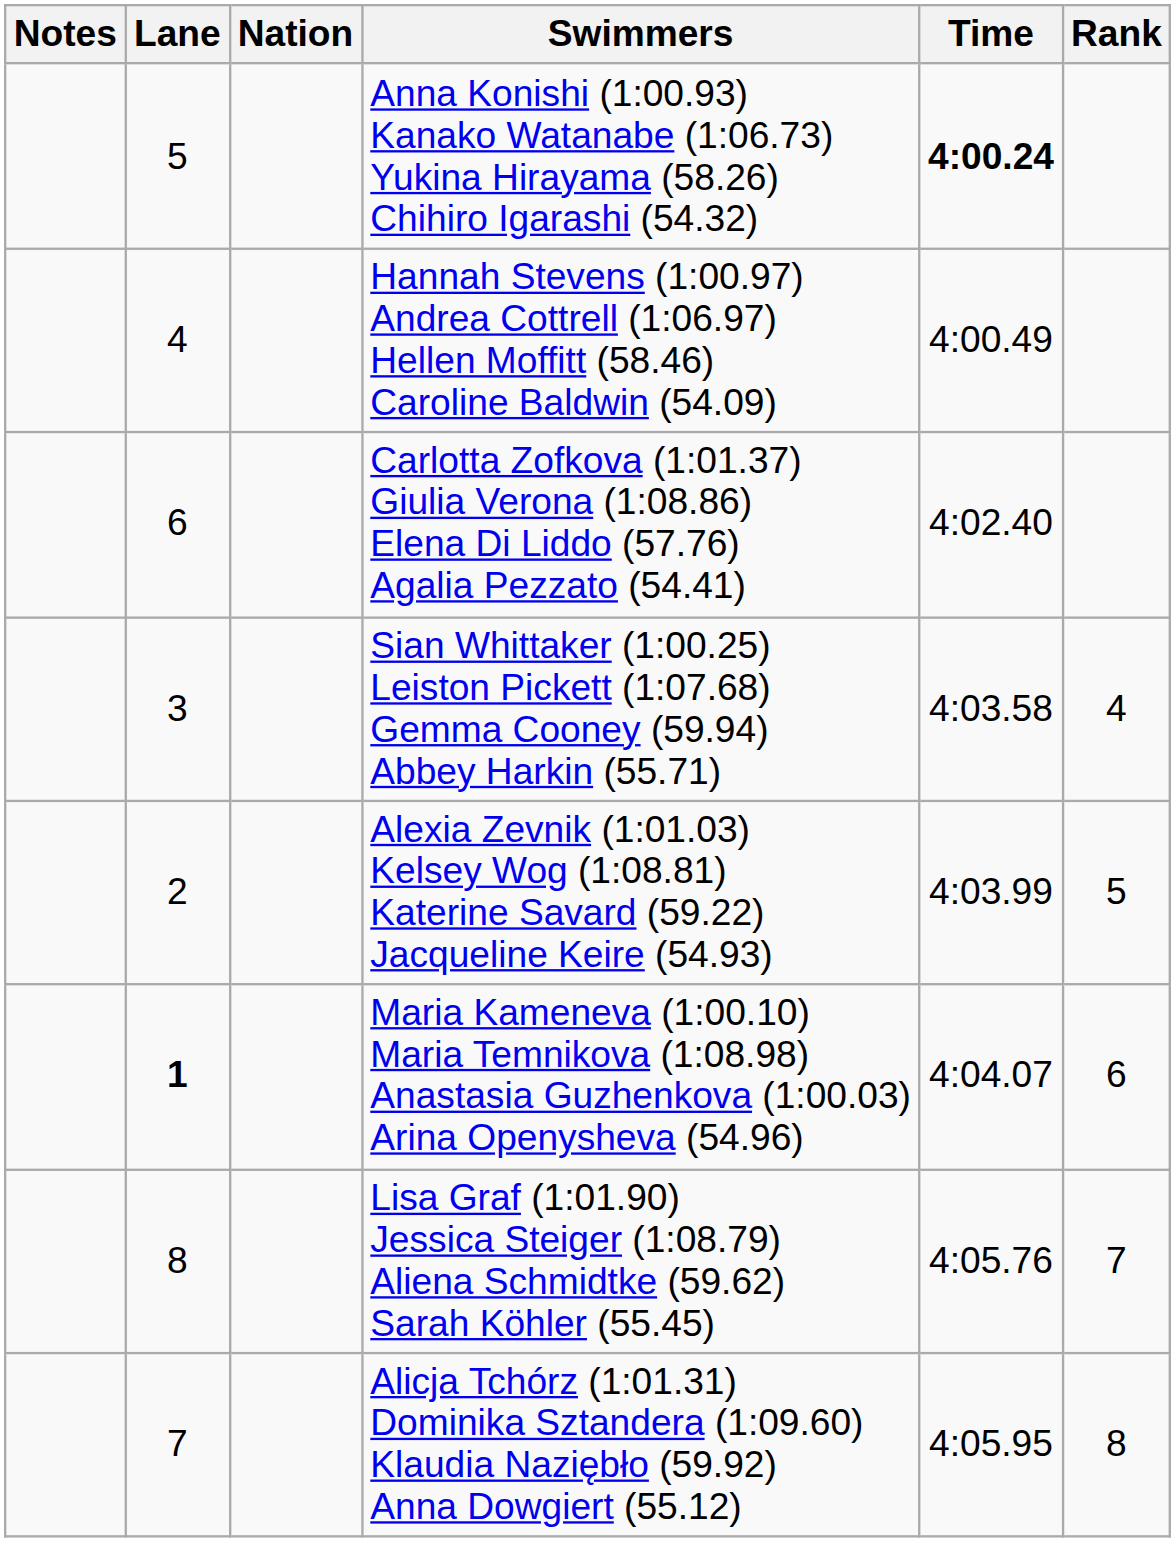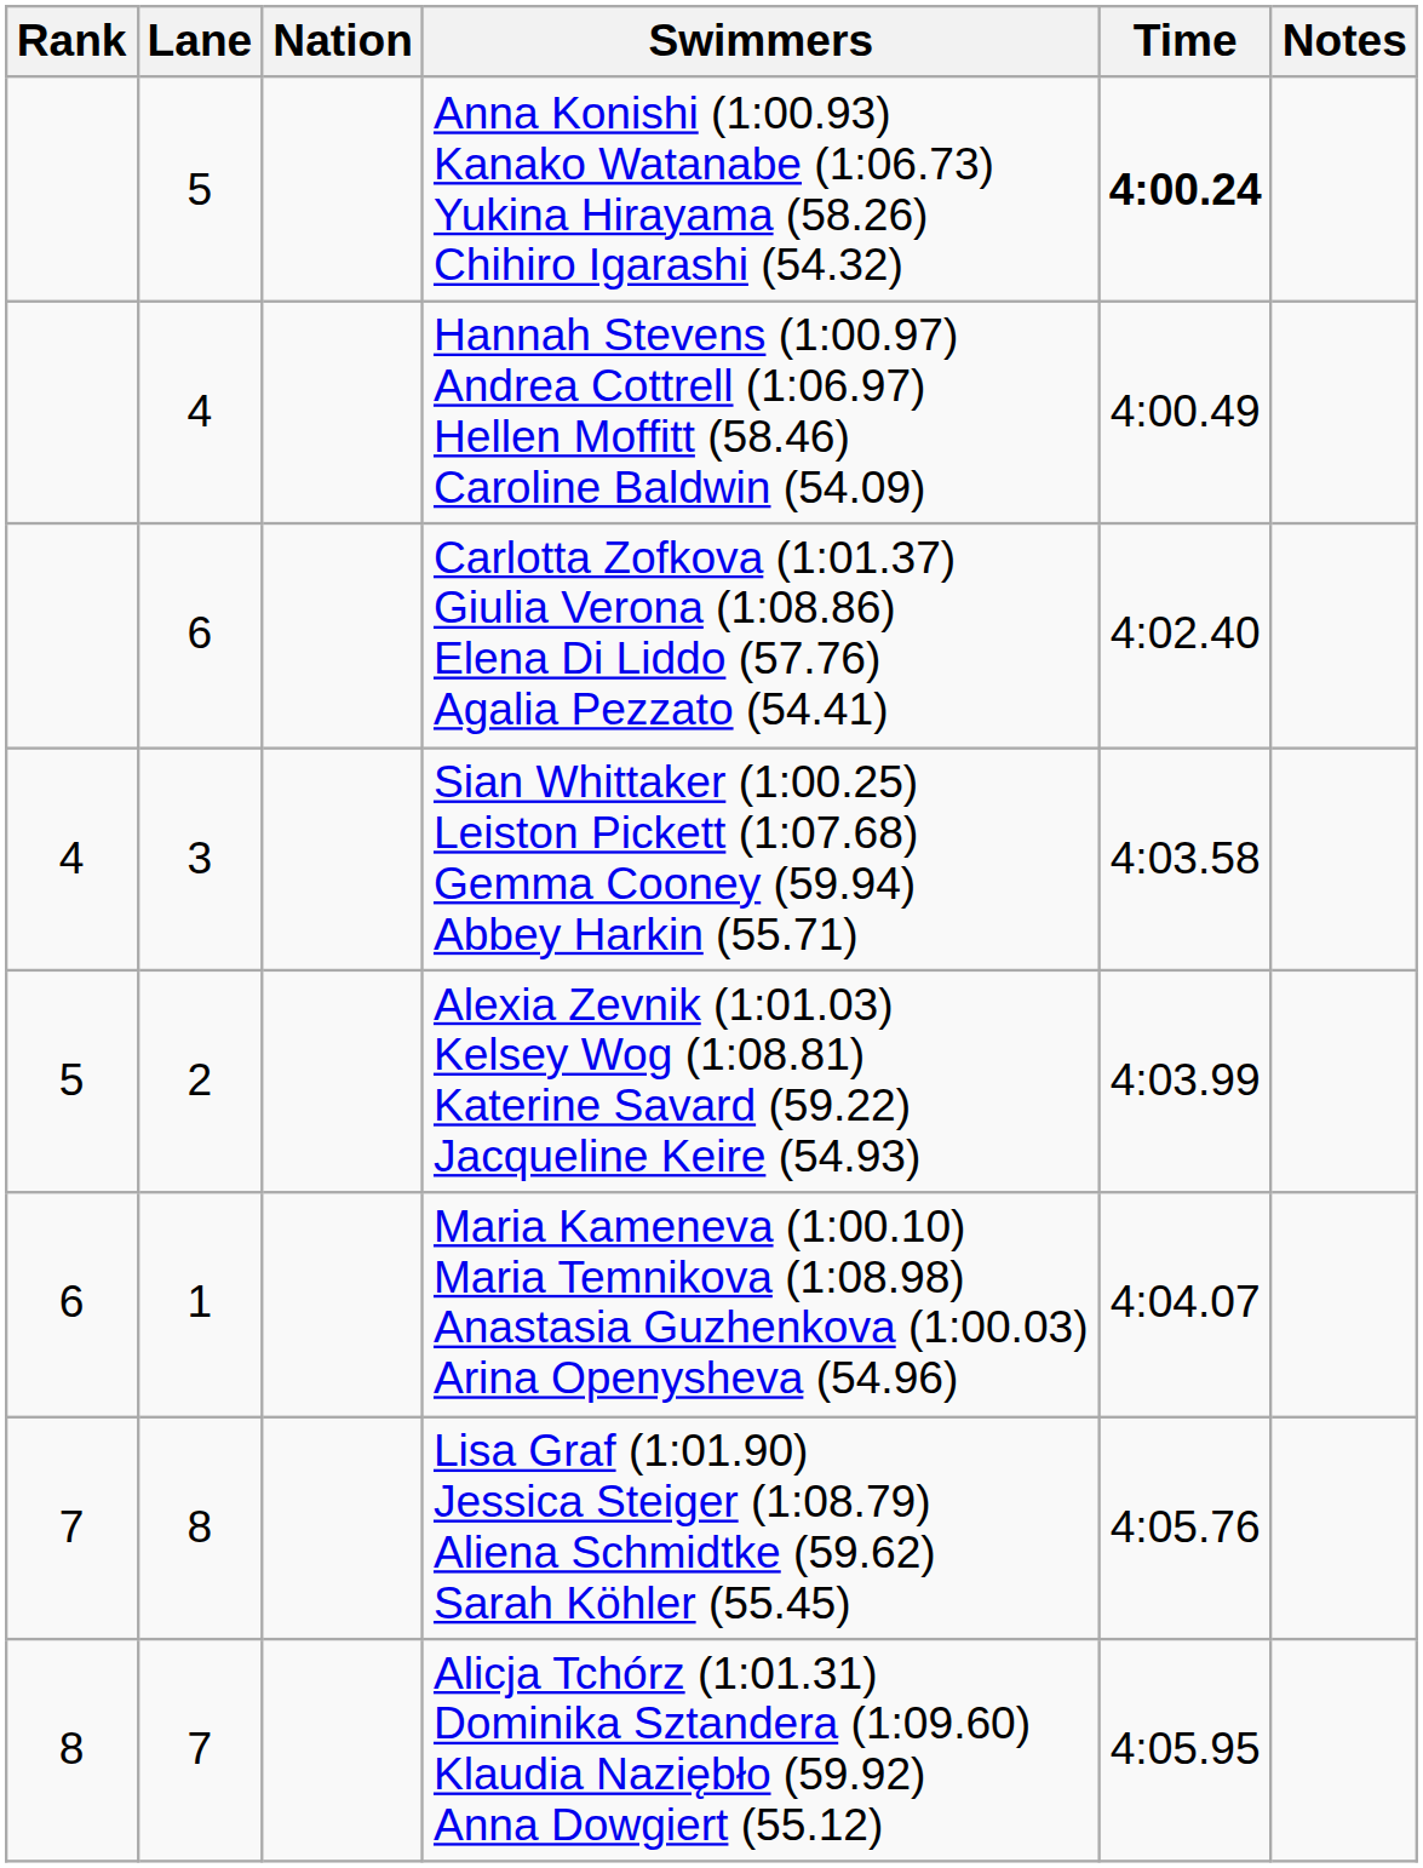 <table class="wikitable sortable" style="text-align:center">
 <tr>
-<th>Notes</th>
+<th>Rank</th>
 <th>Lane</th>
 <th>Nation</th>
 <th>Swimmers</th>
 <th>Time</th>
-<th>Rank</th>
+<th>Notes</th>
 </tr>
 <tr>
 <td></td>
 <td>5</td>
 <td align="left"></td>
 <td align="left"><a href='#'>Anna Konishi</a> (1:00.93)<br><a href='#'>Kanako Watanabe</a> (1:06.73)<br><a href='#'>Yukina Hirayama</a> (58.26)<br><a href='#'>Chihiro Igarashi</a> (54.32)</td>
 <td><strong>4:00.24</strong></td>
 <td></td>
 </tr>
 <tr>
 <td></td>
 <td>4</td>
 <td align="left"></td>
 <td align="left"><a href='#'>Hannah Stevens</a> (1:00.97)<br><a href='#'>Andrea Cottrell</a> (1:06.97)<br><a href='#'>Hellen Moffitt</a> (58.46)<br><a href='#'>Caroline Baldwin</a> (54.09)</td>
 <td>4:00.49</td>
 <td></td>
 </tr>
 <tr>
 <td></td>
 <td>6</td>
 <td align="left"></td>
 <td align="left"><a href='#'>Carlotta Zofkova</a> (1:01.37)<br><a href='#'>Giulia Verona</a> (1:08.86)<br><a href='#'>Elena Di Liddo</a> (57.76)<br><a href='#'>Agalia Pezzato</a> (54.41)</td>
 <td>4:02.40</td>
 <td></td>
 </tr>
 <tr>
-<td></td>
+<td>4</td>
 <td>3</td>
 <td align="left"></td>
 <td align="left"><a href='#'>Sian Whittaker</a> (1:00.25)<br><a href='#'>Leiston Pickett</a> (1:07.68)<br><a href='#'>Gemma Cooney</a> (59.94)<br><a href='#'>Abbey Harkin</a> (55.71)</td>
 <td>4:03.58</td>
-<td>4</td>
+<td></td>
 </tr>
 <tr>
-<td></td>
+<td>5</td>
 <td>2</td>
 <td align="left"></td>
 <td align="left"><a href='#'>Alexia Zevnik</a> (1:01.03)<br><a href='#'>Kelsey Wog</a> (1:08.81)<br><a href='#'>Katerine Savard</a> (59.22)<br><a href='#'>Jacqueline Keire</a> (54.93)</td>
 <td>4:03.99</td>
-<td>5</td>
+<td></td>
 </tr>
 <tr>
-<td></td>
-<td><strong>1</strong></td>
+<td>6</td>
+<td>1</td>
 <td align="left"></td>
 <td align="left"><a href='#'>Maria Kameneva</a> (1:00.10)<br><a href='#'>Maria Temnikova</a> (1:08.98)<br><a href='#'>Anastasia Guzhenkova</a> (1:00.03)<br><a href='#'>Arina Openysheva</a> (54.96)</td>
 <td>4:04.07</td>
-<td>6</td>
+<td></td>
 </tr>
 <tr>
-<td></td>
+<td>7</td>
 <td>8</td>
 <td align="left"></td>
 <td align="left"><a href='#'>Lisa Graf</a> (1:01.90)<br><a href='#'>Jessica Steiger</a> (1:08.79)<br><a href='#'>Aliena Schmidtke</a> (59.62)<br><a href='#'>Sarah Köhler</a> (55.45)</td>
 <td>4:05.76</td>
-<td>7</td>
+<td></td>
 </tr>
 <tr>
-<td></td>
+<td>8</td>
 <td>7</td>
 <td align="left"></td>
 <td align="left"><a href='#'>Alicja Tchórz</a> (1:01.31)<br><a href='#'>Dominika Sztandera</a> (1:09.60)<br><a href='#'>Klaudia Naziębło</a> (59.92)<br><a href='#'>Anna Dowgiert</a> (55.12)</td>
 <td>4:05.95</td>
-<td>8</td>
+<td></td>
 </tr>
 </table>
